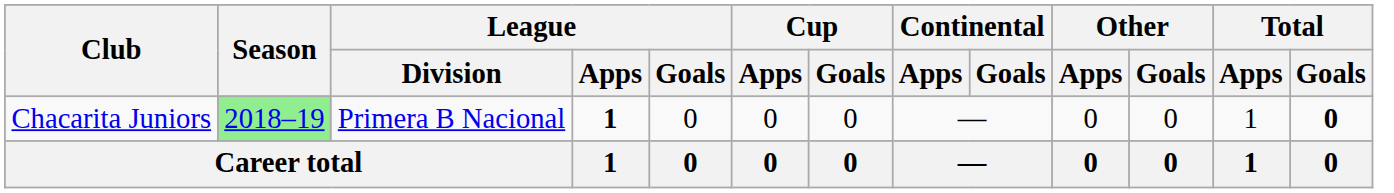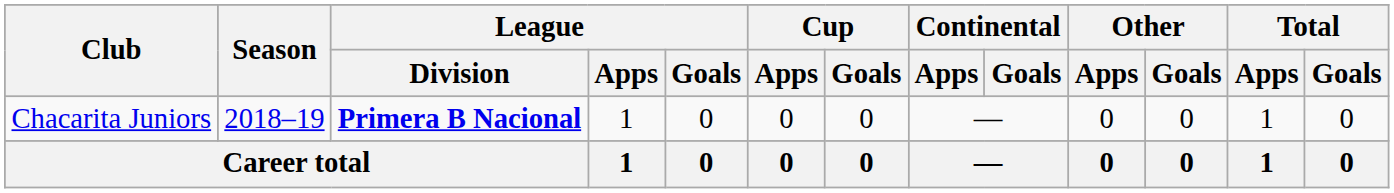 <table class="wikitable" style="text-align:center">
 <tr>
 <th rowspan="2">Club</th>
 <th rowspan="2">Season</th>
 <th colspan="3">League</th>
 <th colspan="2">Cup</th>
 <th colspan="2">Continental</th>
 <th colspan="2">Other</th>
 <th colspan="2">Total</th>
 </tr>
 <tr>
 <th>Division</th>
 <th>Apps</th>
 <th>Goals</th>
 <th>Apps</th>
 <th>Goals</th>
 <th>Apps</th>
 <th>Goals</th>
 <th>Apps</th>
 <th>Goals</th>
 <th>Apps</th>
 <th>Goals</th>
 </tr>
 <tr>
 <td rowspan="1"><a href='#'>Chacarita Juniors</a></td>
-<td style="background: lightgreen;"><a href='#'>2018–19</a></td>
-<td rowspan="1"><a href='#'>Primera B Nacional</a></td>
-<td><strong>1</strong></td>
+<td><a href='#'>2018–19</a></td>
+<td rowspan="1"><strong><a href='#'>Primera B Nacional</a></strong></td>
+<td>1</td>
 <td>0</td>
 <td>0</td>
 <td>0</td>
 <td colspan="2">—</td>
 <td>0</td>
 <td>0</td>
 <td>1</td>
-<td><strong>0</strong></td>
+<td>0</td>
 </tr>
 <tr>
 <th colspan="3">Career total</th>
 <th>1</th>
 <th>0</th>
 <th>0</th>
 <th>0</th>
 <th colspan="2">—</th>
 <th>0</th>
 <th>0</th>
 <th>1</th>
 <th>0</th>
 </tr>
 </table>
